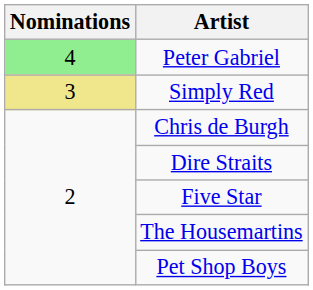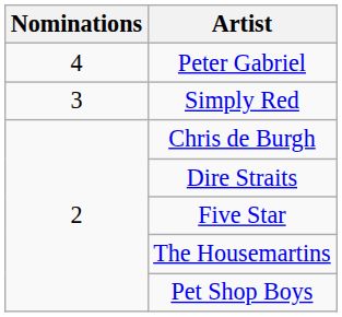 <table class="wikitable" rowspan="2" style="text-align:center;">
 <tr>
 <th scope="col" style="width:55px;">Nominations</th>
 <th scope="col" style="text-align:center;">Artist</th>
 </tr>
 <tr>
-<td style="background: lightgreen;">4</td>
+<td>4</td>
 <td><a href='#'>Peter Gabriel</a></td>
 </tr>
 <tr>
-<td style="background: khaki;">3</td>
+<td>3</td>
 <td><a href='#'>Simply Red</a></td>
 </tr>
 <tr>
 <td rowspan="5">2</td>
 <td><a href='#'>Chris de Burgh</a></td>
 </tr>
 <tr>
 <td><a href='#'>Dire Straits</a></td>
 </tr>
 <tr>
 <td><a href='#'>Five Star</a></td>
 </tr>
 <tr>
 <td><a href='#'>The Housemartins</a></td>
 </tr>
 <tr>
 <td><a href='#'>Pet Shop Boys</a></td>
 </tr>
 </table>
